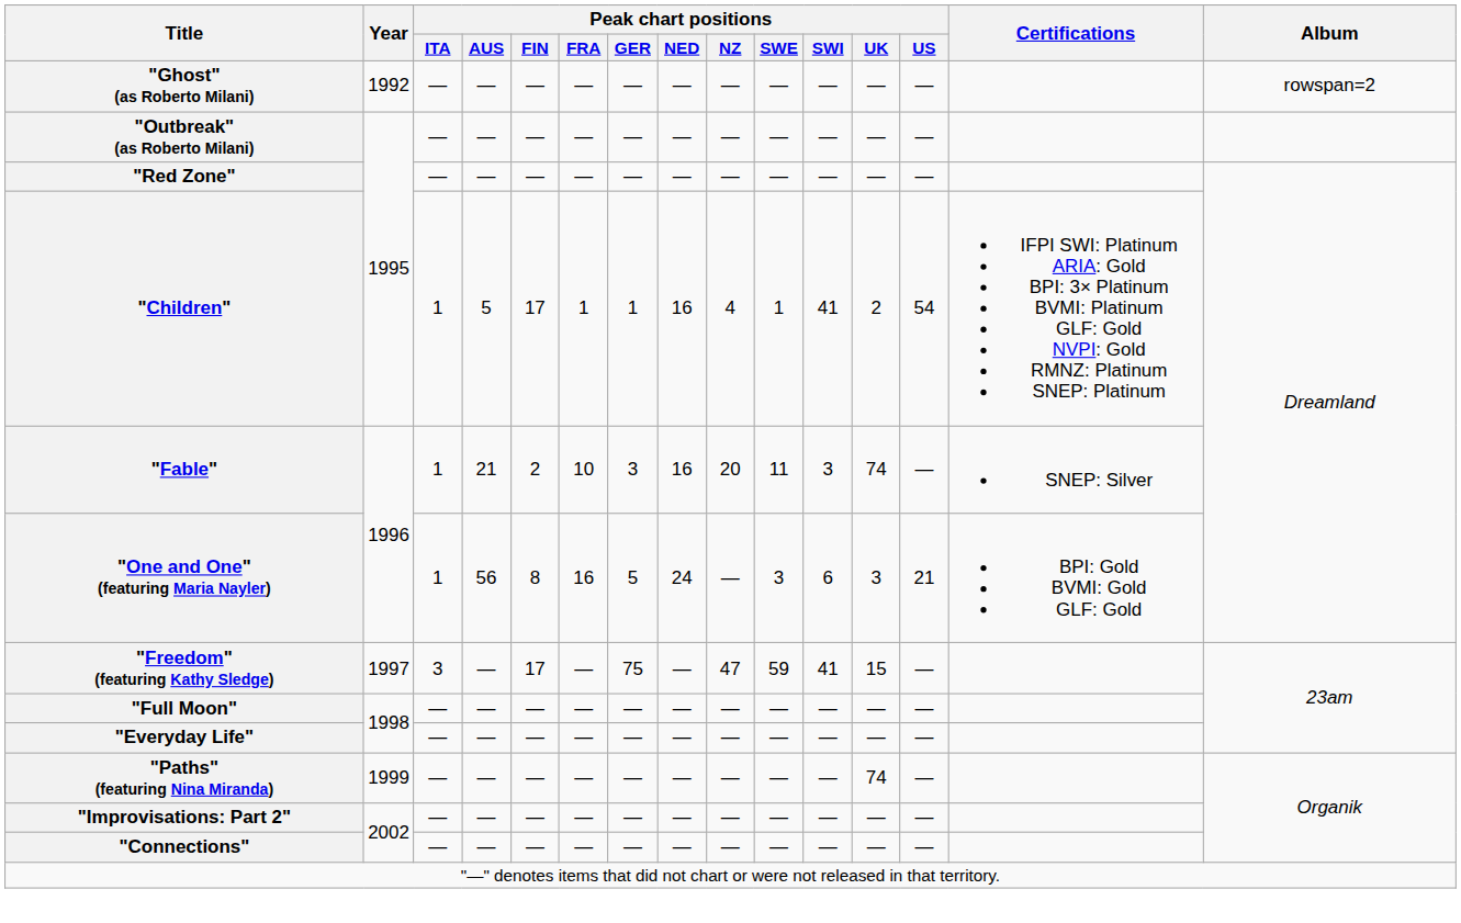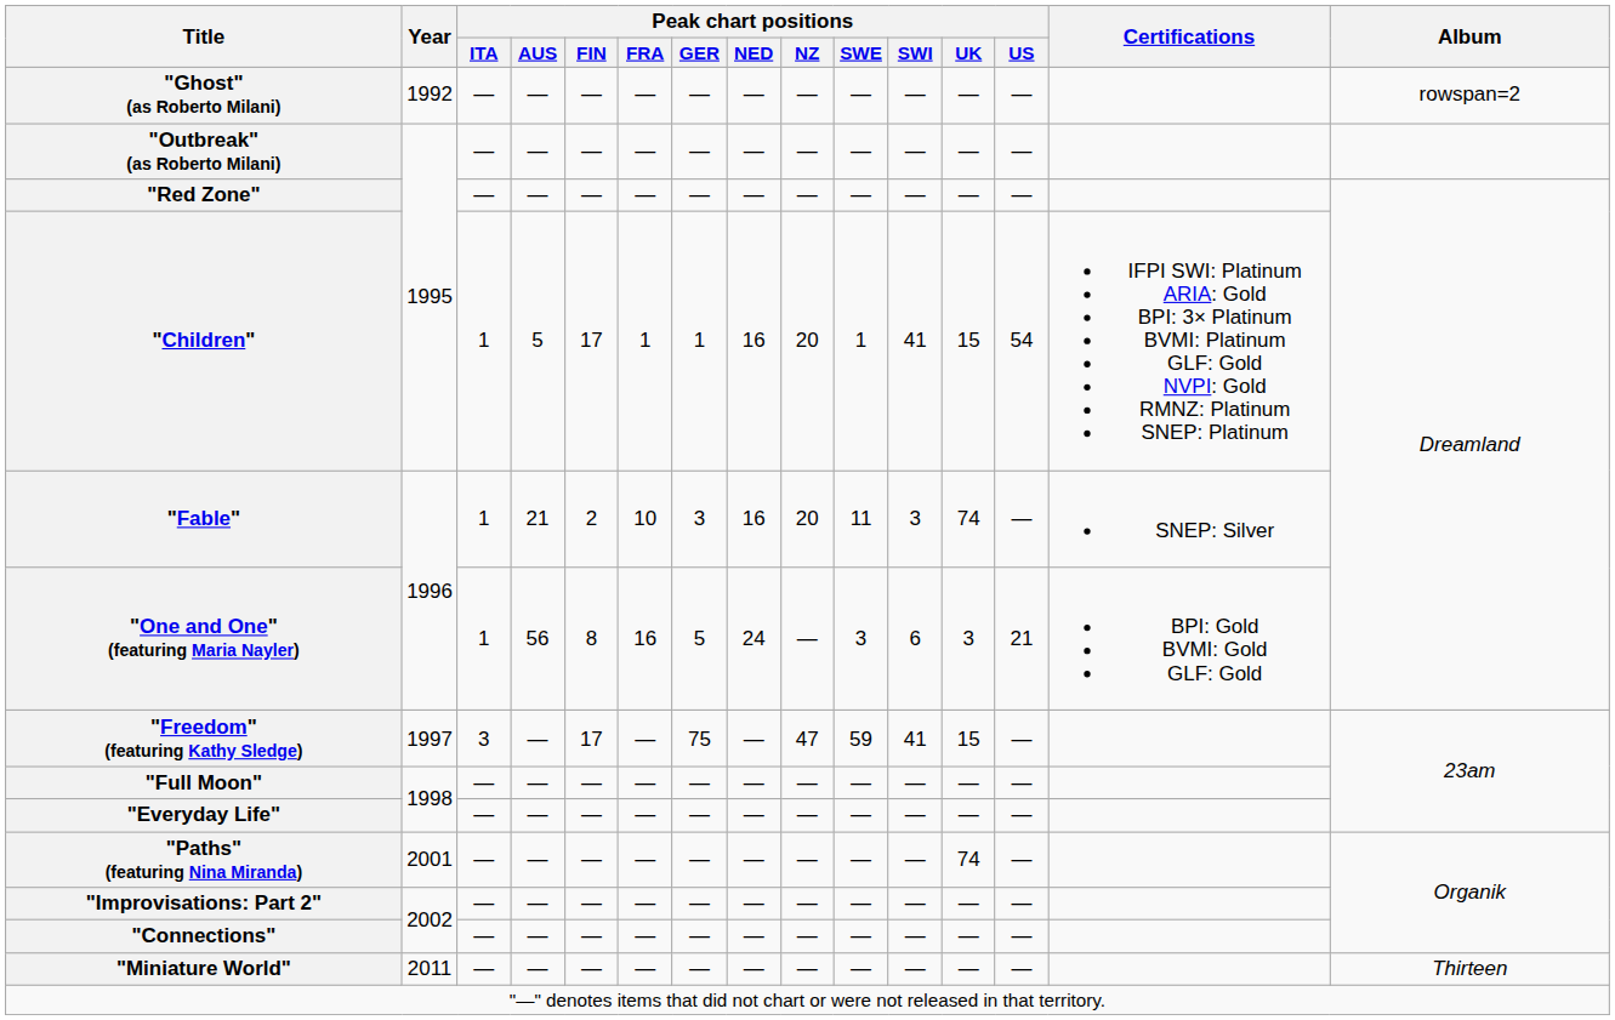 <table class="wikitable plainrowheaders" style="text-align:center;" border="1">
 <tr>
 <th scope="col" rowspan="2" style="width:20em;">Title</th>
 <th scope="col" rowspan="2" style="width:1em;">Year</th>
 <th scope="col" colspan="11">Peak chart positions</th>
 <th scope="col" rowspan="2" style="width:14em;"><a href='#'>Certifications</a></th>
 <th scope="col" rowspan="2" style="width:14em;">Album</th>
 </tr>
 <tr>
 <th style="width:2.5em;font-size:90%;"><a href='#'>ITA</a><br></th>
 <th style="width:2.5em;font-size:90%;"><a href='#'>AUS</a><br></th>
 <th style="width:2.5em;font-size:90%;"><a href='#'>FIN</a><br></th>
 <th style="width:2.5em;font-size:90%;"><a href='#'>FRA</a><br></th>
 <th style="width:2.5em;font-size:90%;"><a href='#'>GER</a><br></th>
 <th style="width:2.5em;font-size:90%;"><a href='#'>NED</a><br></th>
 <th style="width:2.5em;font-size:90%;"><a href='#'>NZ</a><br></th>
 <th style="width:2.5em;font-size:90%;"><a href='#'>SWE</a><br></th>
 <th style="width:2.5em;font-size:90%;"><a href='#'>SWI</a><br></th>
 <th style="width:2.5em;font-size:90%;"><a href='#'>UK</a><br></th>
 <th style="width:2.5em;font-size:90%;"><a href='#'>US</a><br></th>
 </tr>
 <tr>
 <th scope="row">"Ghost"<br><small>(as Roberto Milani)</small></th>
 <td>1992</td>
 <td align="center">—</td>
 <td align="center">—</td>
 <td align="center">—</td>
 <td align="center">—</td>
 <td align="center">—</td>
 <td align="center">—</td>
 <td align="center">—</td>
 <td align="center">—</td>
 <td align="center">—</td>
 <td align="center">—</td>
 <td align="center">—</td>
 <td></td>
 <td>rowspan=2 </td>
 </tr>
 <tr>
 <th scope="row">"Outbreak"<br><small>(as Roberto Milani)</small></th>
 <td rowspan="3">1995</td>
 <td align="center">—</td>
 <td align="center">—</td>
 <td align="center">—</td>
 <td align="center">—</td>
 <td align="center">—</td>
 <td align="center">—</td>
 <td align="center">—</td>
 <td align="center">—</td>
 <td align="center">—</td>
 <td align="center">—</td>
 <td align="center">—</td>
 <td></td>
 </tr>
 <tr>
 <th scope="row">"Red Zone"</th>
 <td align="center">—</td>
 <td align="center">—</td>
 <td align="center">—</td>
 <td align="center">—</td>
 <td align="center">—</td>
 <td align="center">—</td>
 <td align="center">—</td>
 <td align="center">—</td>
 <td align="center">—</td>
 <td align="center">—</td>
 <td align="center">—</td>
 <td></td>
 <td align="center" rowspan="4"><em>Dreamland</em></td>
 </tr>
 <tr>
 <th scope="row">"<a href='#'>Children</a>"</th>
 <td align="center">1</td>
 <td align="center">5</td>
 <td align="center">17</td>
 <td align="center">1</td>
 <td align="center">1</td>
 <td align="center">16</td>
-<td align="center">4</td>
+<td align="center">20</td>
 <td align="center">1</td>
 <td align="center">41</td>
-<td align="center">2</td>
+<td align="center">15</td>
 <td align="center">54</td>
 <td><br><ul><li>IFPI SWI: Platinum</li><li><a href='#'>ARIA</a>: Gold</li><li>BPI: 3× Platinum</li><li>BVMI: Platinum</li><li>GLF: Gold</li><li><a href='#'>NVPI</a>: Gold</li><li>RMNZ: Platinum</li><li>SNEP: Platinum</li></ul></td>
 </tr>
 <tr>
 <th scope="row">"<a href='#'>Fable</a>"</th>
 <td rowspan="2">1996</td>
 <td align="center">1</td>
 <td align="center">21</td>
 <td align="center">2</td>
 <td align="center">10</td>
 <td align="center">3</td>
 <td align="center">16</td>
 <td align="center">20</td>
 <td align="center">11</td>
 <td align="center">3</td>
 <td align="center">74</td>
 <td align="center">—</td>
 <td><br><ul><li>SNEP: Silver</li></ul></td>
 </tr>
 <tr>
 <th scope="row">"<a href='#'>One and One</a>"<br><small>(featuring <a href='#'>Maria Nayler</a>)</small></th>
 <td align="center">1</td>
 <td align="center">56</td>
 <td align="center">8</td>
 <td align="center">16</td>
 <td align="center">5</td>
 <td align="center">24</td>
 <td align="center">—</td>
 <td align="center">3</td>
 <td align="center">6</td>
 <td align="center">3</td>
 <td align="center">21</td>
 <td><br><ul><li>BPI: Gold</li><li>BVMI: Gold</li><li>GLF: Gold</li></ul></td>
 </tr>
 <tr>
 <th scope="row">"<a href='#'>Freedom</a>"<br><small>(featuring <a href='#'>Kathy Sledge</a>)</small></th>
 <td>1997</td>
 <td align="center">3</td>
 <td align="center">—</td>
 <td align="center">17</td>
 <td align="center">—</td>
 <td align="center">75</td>
 <td align="center">—</td>
 <td align="center">47</td>
 <td align="center">59</td>
 <td align="center">41</td>
 <td align="center">15</td>
 <td align="center">—</td>
 <td></td>
 <td align="center" rowspan="3"><em>23am</em></td>
 </tr>
 <tr>
 <th scope="row">"Full Moon"</th>
 <td rowspan="2">1998</td>
 <td align="center">—</td>
 <td align="center">—</td>
 <td align="center">—</td>
 <td align="center">—</td>
 <td align="center">—</td>
 <td align="center">—</td>
 <td align="center">—</td>
 <td align="center">—</td>
 <td align="center">—</td>
 <td align="center">—</td>
 <td align="center">—</td>
 <td></td>
 </tr>
 <tr>
 <th scope="row">"Everyday Life"</th>
 <td align="center">—</td>
 <td align="center">—</td>
 <td align="center">—</td>
 <td align="center">—</td>
 <td align="center">—</td>
 <td align="center">—</td>
 <td align="center">—</td>
 <td align="center">—</td>
 <td align="center">—</td>
 <td align="center">—</td>
 <td align="center">—</td>
 <td></td>
 </tr>
 <tr>
 <th scope="row">"Paths"<br><small>(featuring <a href='#'>Nina Miranda</a>)</small></th>
-<td>1999</td>
+<td>2001</td>
 <td align="center">—</td>
 <td align="center">—</td>
 <td align="center">—</td>
 <td align="center">—</td>
 <td align="center">—</td>
 <td align="center">—</td>
 <td align="center">—</td>
 <td align="center">—</td>
 <td align="center">—</td>
 <td align="center">74</td>
 <td align="center">—</td>
 <td></td>
 <td align="center" rowspan="3"><em>Organik</em></td>
 </tr>
 <tr>
 <th scope="row">"Improvisations: Part 2"</th>
 <td rowspan="2">2002</td>
 <td align="center">—</td>
 <td align="center">—</td>
 <td align="center">—</td>
 <td align="center">—</td>
 <td align="center">—</td>
 <td align="center">—</td>
 <td align="center">—</td>
 <td align="center">—</td>
 <td align="center">—</td>
 <td align="center">—</td>
 <td align="center">—</td>
 <td></td>
 </tr>
 <tr>
 <th scope="row">"Connections"</th>
 <td align="center">—</td>
 <td align="center">—</td>
 <td align="center">—</td>
 <td align="center">—</td>
 <td align="center">—</td>
 <td align="center">—</td>
 <td align="center">—</td>
 <td align="center">—</td>
 <td align="center">—</td>
 <td align="center">—</td>
 <td align="center">—</td>
 <td></td>
 </tr>
 <tr>
+<th scope="row">"Miniature World"</th>
+<td>2011</td>
+<td align="center">—</td>
+<td align="center">—</td>
+<td align="center">—</td>
+<td align="center">—</td>
+<td align="center">—</td>
+<td align="center">—</td>
+<td align="center">—</td>
+<td align="center">—</td>
+<td align="center">—</td>
+<td align="center">—</td>
+<td align="center">—</td>
+<td></td>
+<td align="center" rowspan="1"><em>Thirteen</em></td>
+</tr>
+<tr>
 <td align="center" colspan="15" style="font-size:90%">"—" denotes items that did not chart or were not released in that territory.</td>
 </tr>
 </table>
